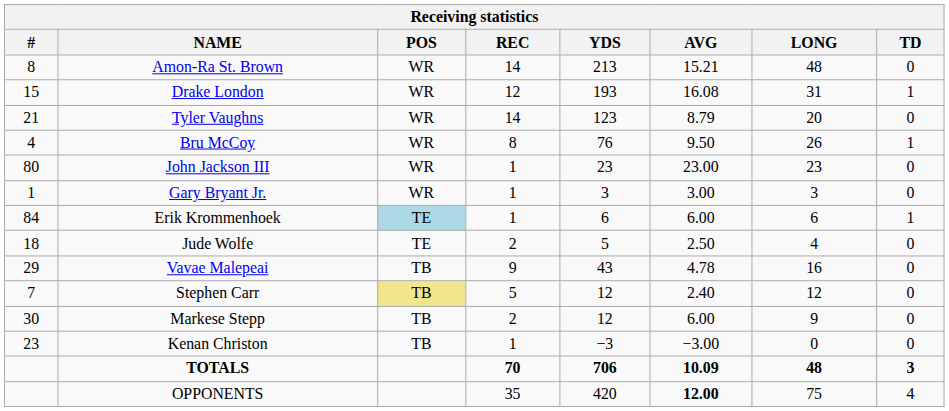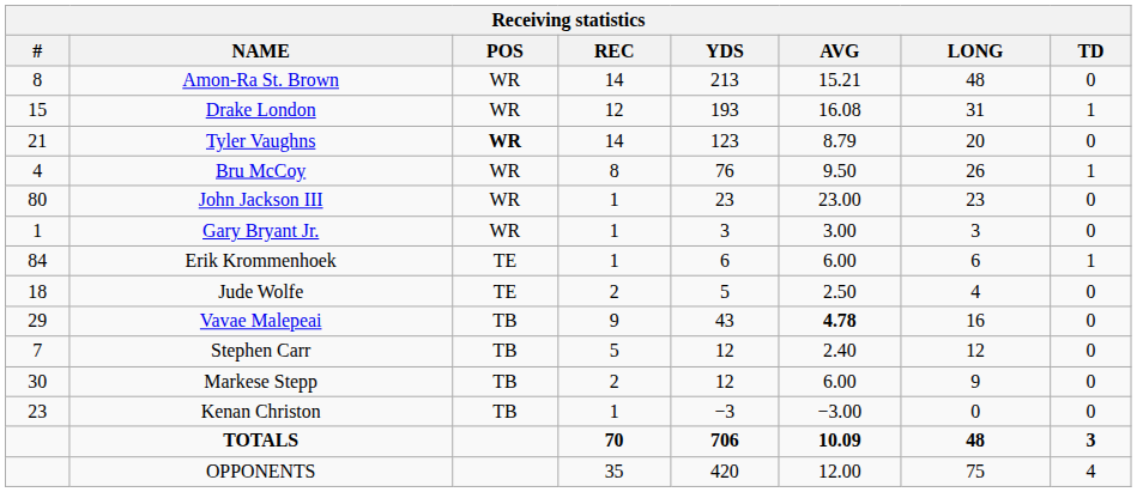 <table style="width:60%; text-align:center;" class="wikitable collapsible collapsed">
 <tr>
 <th colspan="8">Receiving statistics</th>
 </tr>
 <tr>
 <th>#</th>
 <th>NAME</th>
 <th>POS</th>
 <th>REC</th>
 <th>YDS</th>
 <th>AVG</th>
 <th>LONG</th>
 <th>TD</th>
 </tr>
 <tr>
 <td>8</td>
 <td><a href='#'>Amon-Ra St. Brown</a></td>
 <td>WR</td>
 <td>14</td>
 <td>213</td>
 <td>15.21</td>
 <td>48</td>
 <td>0</td>
 </tr>
 <tr>
 <td>15</td>
 <td><a href='#'>Drake London</a></td>
 <td>WR</td>
 <td>12</td>
 <td>193</td>
 <td>16.08</td>
 <td>31</td>
 <td>1</td>
 </tr>
 <tr>
 <td>21</td>
 <td><a href='#'>Tyler Vaughns</a></td>
-<td>WR</td>
+<td><strong>WR</strong></td>
 <td>14</td>
 <td>123</td>
 <td>8.79</td>
 <td>20</td>
 <td>0</td>
 </tr>
 <tr>
 <td>4</td>
 <td><a href='#'>Bru McCoy</a></td>
 <td>WR</td>
 <td>8</td>
 <td>76</td>
 <td>9.50</td>
 <td>26</td>
 <td>1</td>
 </tr>
 <tr>
 <td>80</td>
 <td><a href='#'>John Jackson III</a></td>
 <td>WR</td>
 <td>1</td>
 <td>23</td>
 <td>23.00</td>
 <td>23</td>
 <td>0</td>
 </tr>
 <tr>
 <td>1</td>
 <td><a href='#'>Gary Bryant Jr.</a></td>
 <td>WR</td>
 <td>1</td>
 <td>3</td>
 <td>3.00</td>
 <td>3</td>
 <td>0</td>
 </tr>
 <tr>
 <td>84</td>
 <td>Erik Krommenhoek</td>
-<td style="background: lightblue;">TE</td>
+<td>TE</td>
 <td>1</td>
 <td>6</td>
 <td>6.00</td>
 <td>6</td>
 <td>1</td>
 </tr>
 <tr>
 <td>18</td>
 <td>Jude Wolfe</td>
 <td>TE</td>
 <td>2</td>
 <td>5</td>
 <td>2.50</td>
 <td>4</td>
 <td>0</td>
 </tr>
 <tr>
 <td>29</td>
 <td><a href='#'>Vavae Malepeai</a></td>
 <td>TB</td>
 <td>9</td>
 <td>43</td>
-<td>4.78</td>
+<td><strong>4.78</strong></td>
 <td>16</td>
 <td>0</td>
 </tr>
 <tr>
 <td>7</td>
 <td>Stephen Carr</td>
-<td style="background: khaki;">TB</td>
+<td>TB</td>
 <td>5</td>
 <td>12</td>
 <td>2.40</td>
 <td>12</td>
 <td>0</td>
 </tr>
 <tr>
 <td>30</td>
 <td>Markese Stepp</td>
 <td>TB</td>
 <td>2</td>
 <td>12</td>
 <td>6.00</td>
 <td>9</td>
 <td>0</td>
 </tr>
 <tr>
 <td>23</td>
 <td>Kenan Christon</td>
 <td>TB</td>
 <td>1</td>
 <td>−3</td>
 <td>−3.00</td>
 <td>0</td>
 <td>0</td>
 </tr>
 <tr>
 <td></td>
 <td><strong>TOTALS</strong></td>
 <td></td>
 <td><strong>70</strong></td>
 <td><strong>706</strong></td>
 <td><strong>10.09</strong></td>
 <td><strong>48</strong></td>
 <td><strong>3</strong></td>
 </tr>
 <tr>
 <td></td>
 <td>OPPONENTS</td>
 <td></td>
 <td>35</td>
 <td>420</td>
-<td><strong>12.00</strong></td>
+<td>12.00</td>
 <td>75</td>
 <td>4</td>
 </tr>
 </table>
